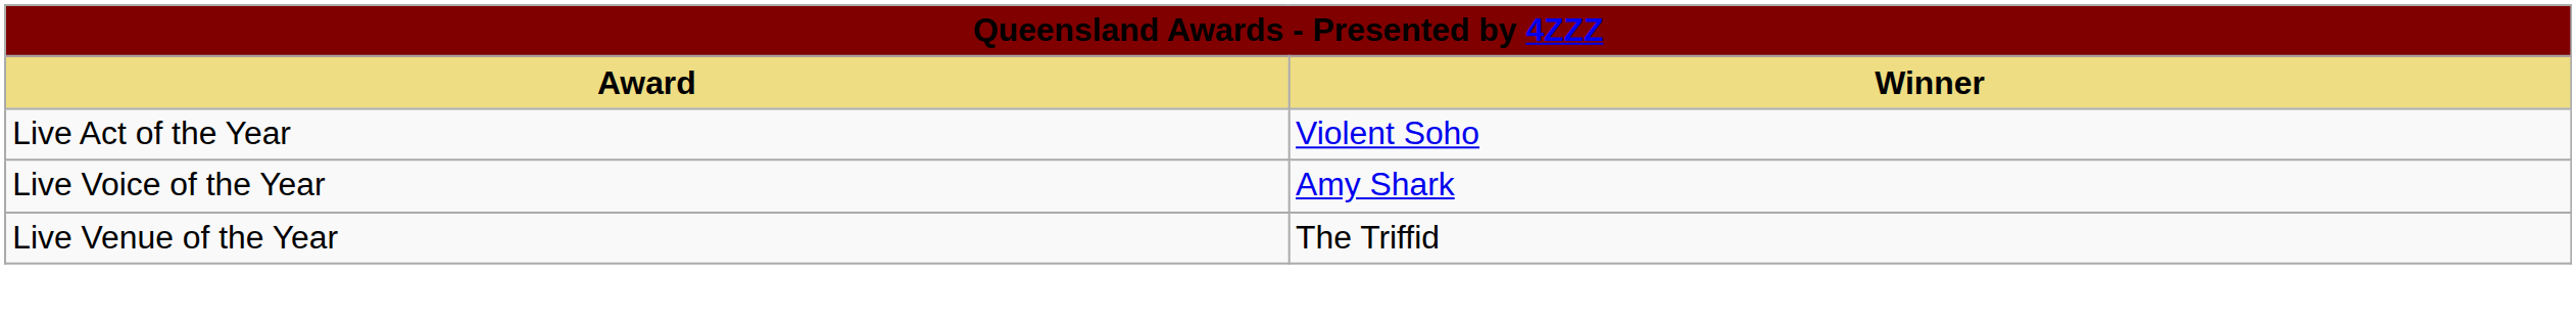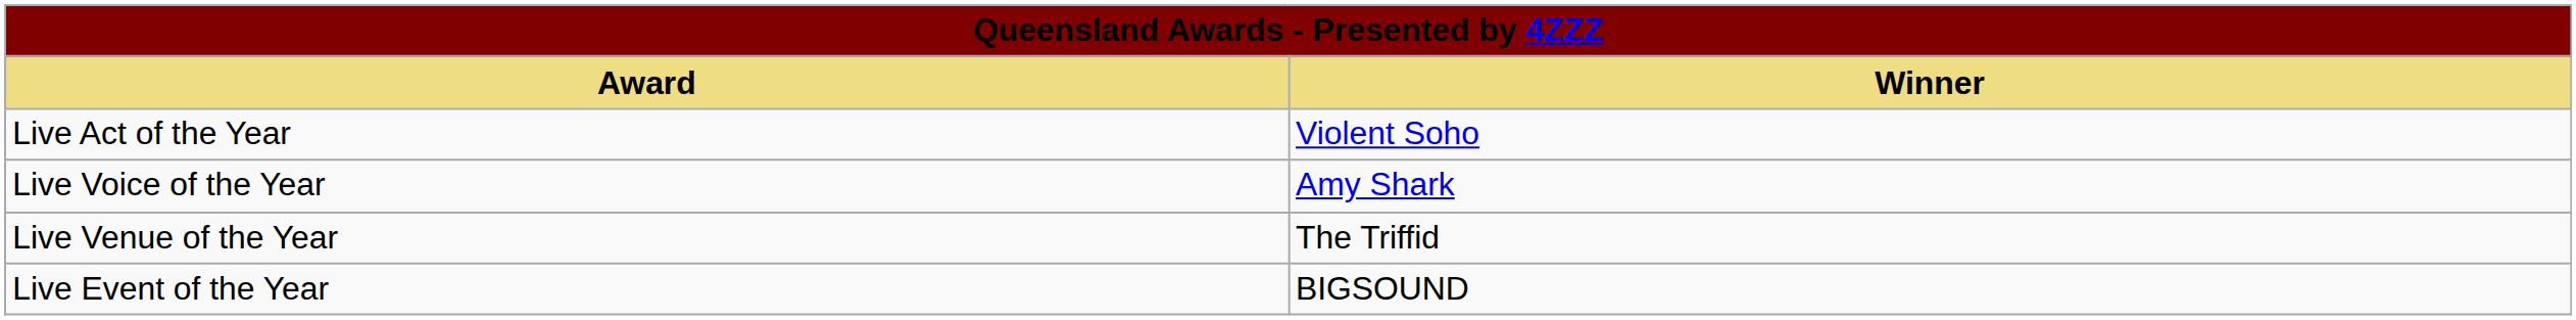 <table class="wikitable" width=100%>
 <tr>
 <th colspan="2" ! style="width:15%;background:maroon">Queensland Awards - Presented by <a href='#'>4ZZZ</a></th>
 </tr>
 <tr>
 <th style="width:10%;background:#EEDD82;">Award</th>
 <th style="width:10%;background:#EEDD82;">Winner</th>
 </tr>
 <tr>
 <td>Live Act of the Year</td>
 <td><a href='#'>Violent Soho</a></td>
 </tr>
 <tr>
 <td>Live Voice of the Year</td>
 <td><a href='#'>Amy Shark</a></td>
 </tr>
 <tr>
 <td>Live Venue of the Year</td>
 <td>The Triffid</td>
 </tr>
+<tr>
+<td>Live Event of the Year</td>
+<td>BIGSOUND</td>
+</tr>
 </table>
